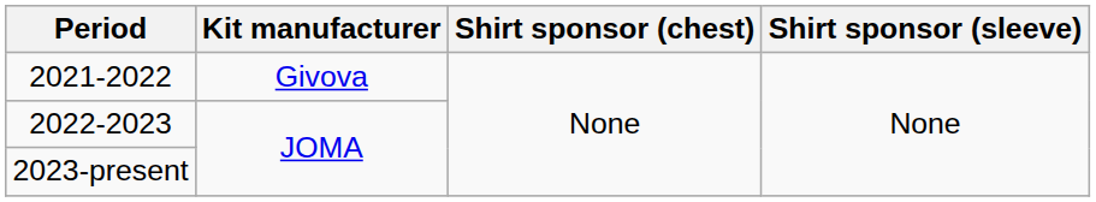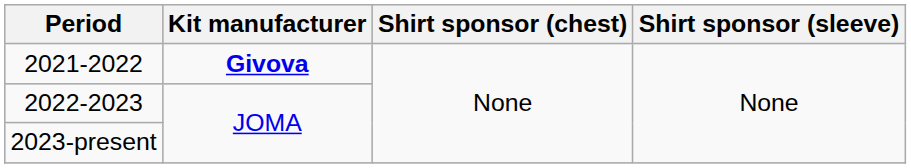 <table class="wikitable" style="text-align:center">
 <tr>
 <th>Period</th>
 <th>Kit manufacturer</th>
 <th>Shirt sponsor (chest)</th>
 <th>Shirt sponsor (sleeve)</th>
 </tr>
 <tr>
 <td>2021-2022</td>
-<td><a href='#'>Givova</a></td>
+<td><strong><a href='#'>Givova</a></strong></td>
 <td rowspan="3">None</td>
 <td rowspan="3">None</td>
 </tr>
 <tr>
 <td>2022-2023</td>
 <td rowspan="2"><a href='#'>JOMA</a></td>
 </tr>
 <tr>
 <td>2023-present</td>
 </tr>
 </table>
